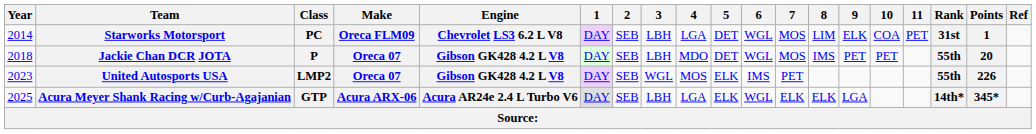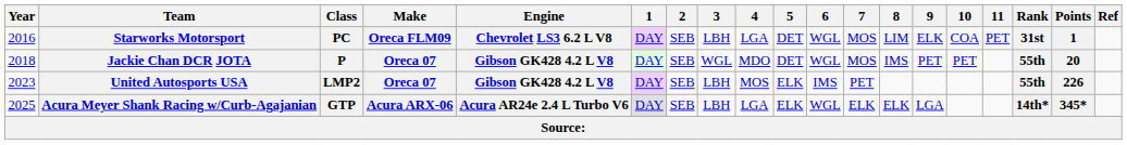 <table class="wikitable" style="text-align:center; font-size:85%">
 <tr>
 <th>Year</th>
 <th>Team</th>
 <th>Class</th>
 <th>Make</th>
 <th>Engine</th>
 <th>1</th>
 <th>2</th>
 <th>3</th>
 <th>4</th>
 <th>5</th>
 <th>6</th>
 <th>7</th>
 <th>8</th>
 <th>9</th>
 <th>10</th>
 <th>11</th>
 <th>Rank</th>
 <th>Points</th>
 <th>Ref</th>
 </tr>
 <tr>
-<td><a href='#'>2014</a></td>
+<td><a href='#'>2016</a></td>
 <th nowrap><a href='#'>Starworks Motorsport</a></th>
 <th>PC</th>
 <th nowrap><a href='#'>Oreca FLM09</a></th>
 <th nowrap><a href='#'>Chevrolet</a> <a href='#'>LS3</a> 6.2 L V8</th>
 <td style="background:#EFCFFF;"><a href='#'>DAY</a><br></td>
 <td><a href='#'>SEB</a></td>
 <td><a href='#'>LBH</a></td>
 <td><a href='#'>LGA</a></td>
 <td><a href='#'>DET</a></td>
 <td><a href='#'>WGL</a></td>
 <td><a href='#'>MOS</a></td>
 <td><a href='#'>LIM</a></td>
 <td><a href='#'>ELK</a></td>
 <td><a href='#'>COA</a></td>
 <td><a href='#'>PET</a></td>
 <th>31st</th>
 <th>1</th>
 <td></td>
 </tr>
 <tr>
 <td><a href='#'>2018</a></td>
 <th nowrap><a href='#'>Jackie Chan DCR</a> <a href='#'>JOTA</a></th>
 <th>P</th>
 <th nowrap><a href='#'>Oreca 07</a></th>
 <th nowrap><a href='#'>Gibson</a> GK428 4.2 L <a href='#'>V8</a></th>
 <td style="background:#DFFFDF;"><a href='#'>DAY</a><br></td>
 <td><a href='#'>SEB</a></td>
-<td><a href='#'>LBH</a></td>
+<td><a href='#'>WGL</a></td>
 <td><a href='#'>MDO</a></td>
 <td><a href='#'>DET</a></td>
 <td><a href='#'>WGL</a></td>
 <td><a href='#'>MOS</a></td>
 <td><a href='#'>IMS</a></td>
 <td><a href='#'>PET</a></td>
 <td><a href='#'>PET</a></td>
 <td></td>
 <th>55th</th>
 <th>20</th>
 <td></td>
 </tr>
 <tr>
 <td><a href='#'>2023</a></td>
 <th nowrap><a href='#'>United Autosports USA</a></th>
 <th>LMP2</th>
 <th nowrap><a href='#'>Oreca 07</a></th>
 <th nowrap><a href='#'>Gibson</a> GK428 4.2 L <a href='#'>V8</a></th>
 <td style="background:#EFCFFF;"><a href='#'>DAY</a><br></td>
 <td><a href='#'>SEB</a></td>
-<td><a href='#'>WGL</a></td>
+<td><a href='#'>LBH</a></td>
 <td><a href='#'>MOS</a></td>
 <td><a href='#'>ELK</a></td>
 <td><a href='#'>IMS</a></td>
 <td><a href='#'>PET</a></td>
 <td></td>
 <td></td>
 <td></td>
 <td></td>
 <th>55th</th>
 <th>226</th>
 <td></td>
 </tr>
 <tr>
 <td><a href='#'>2025</a></td>
 <th><a href='#'>Acura Meyer Shank Racing w/Curb-Agajanian</a></th>
 <th>GTP</th>
 <th><a href='#'>Acura ARX-06</a></th>
 <th><a href='#'>Acura</a> AR24e 2.4 L Turbo V6</th>
 <td style="background:#DFDFDF;"><a href='#'>DAY</a><br></td>
 <td><a href='#'>SEB</a></td>
 <td><a href='#'>LBH</a></td>
 <td><a href='#'>LGA</a></td>
 <td><a href='#'>ELK</a></td>
 <td><a href='#'>WGL</a></td>
 <td><a href='#'>ELK</a></td>
 <td><a href='#'>ELK</a></td>
 <td><a href='#'>LGA</a></td>
 <td></td>
 <td></td>
 <th style="background:#;">14th*</th>
 <th style="background:#;">345*</th>
 </tr>
 <tr>
 <th colspan="19">Source:</th>
 </tr>
 </table>
